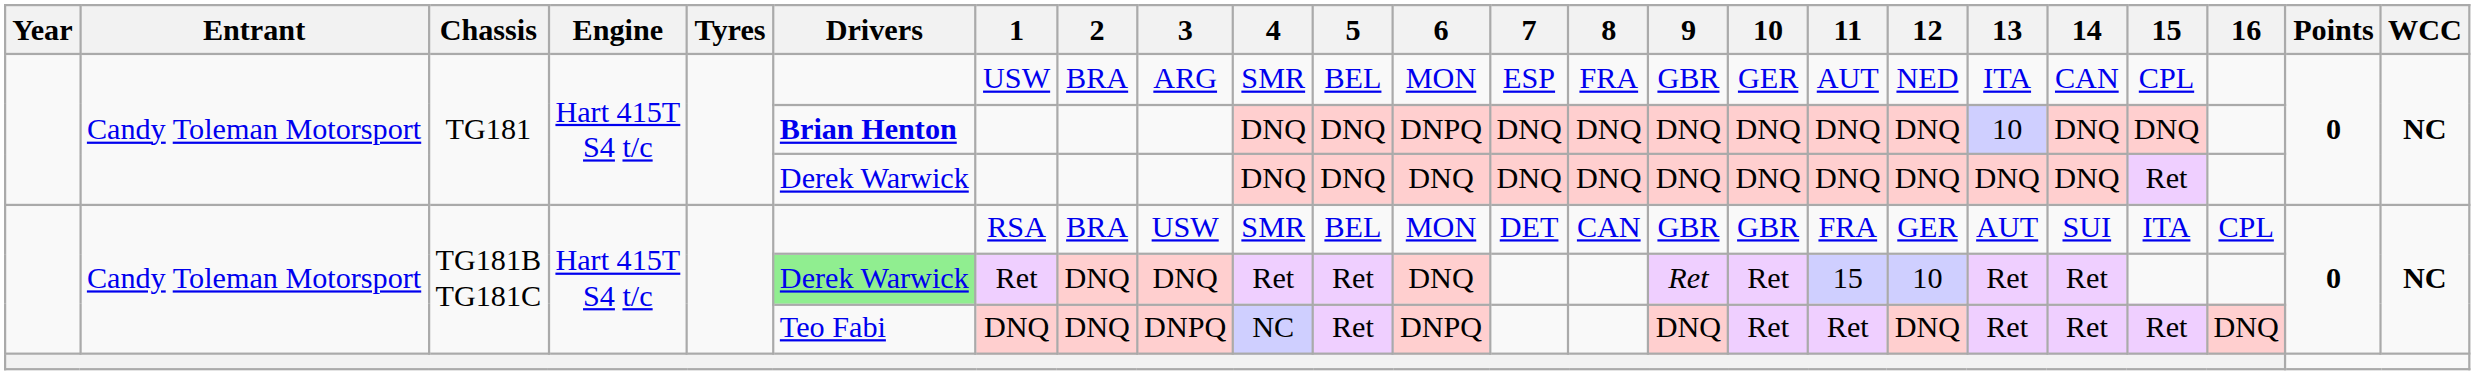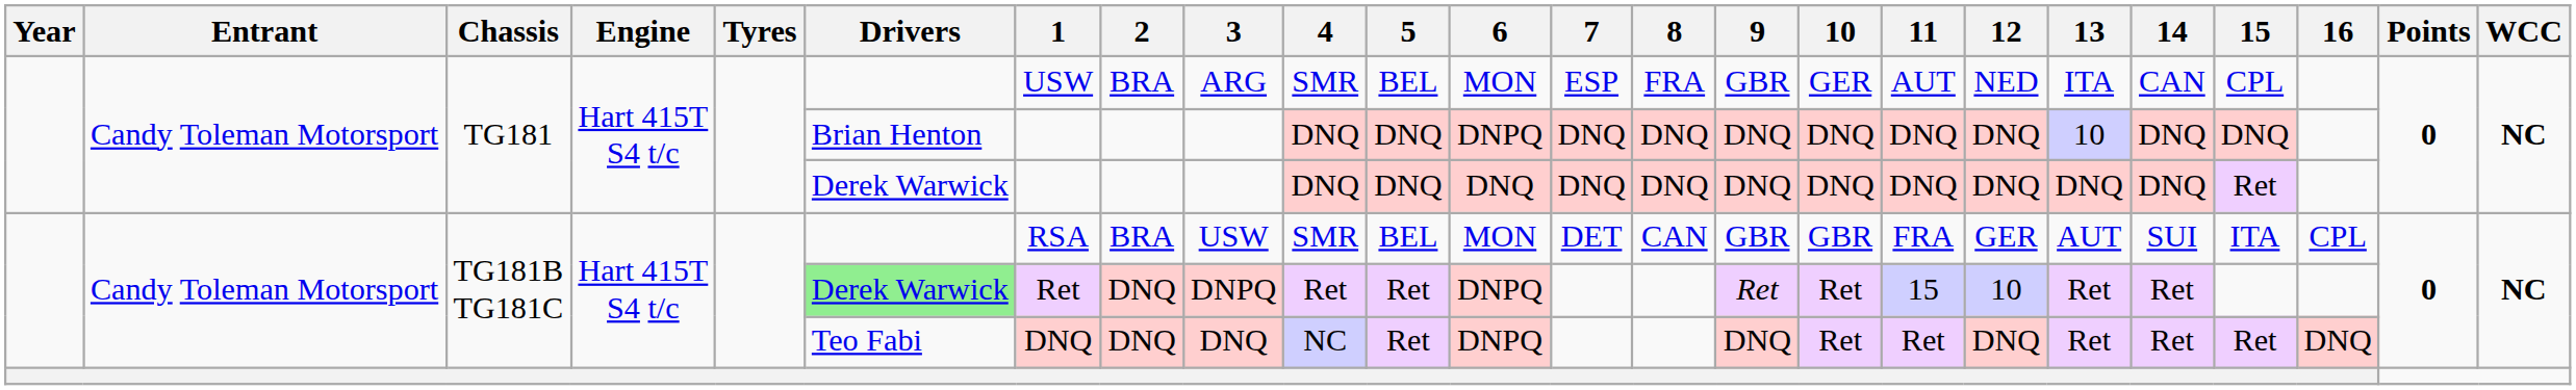 <table class="wikitable" style="text-align:center; font-size:85%">
 <tr>
 <th>Year</th>
 <th>Entrant</th>
 <th>Chassis</th>
 <th>Engine</th>
 <th>Tyres</th>
 <th>Drivers</th>
 <th>1</th>
 <th>2</th>
 <th>3</th>
 <th>4</th>
 <th>5</th>
 <th>6</th>
 <th>7</th>
 <th>8</th>
 <th>9</th>
 <th>10</th>
 <th>11</th>
 <th>12</th>
 <th>13</th>
 <th>14</th>
 <th>15</th>
 <th>16</th>
 <th>Points</th>
 <th>WCC</th>
 </tr>
 <tr>
 <td rowspan="3"></td>
 <td rowspan="3"><a href='#'>Candy</a> <a href='#'>Toleman Motorsport</a></td>
 <td rowspan="3">TG181</td>
 <td rowspan="3"><a href='#'>Hart 415T</a><br><a href='#'>S4</a> <a href='#'>t/c</a></td>
 <td rowspan="3"></td>
 <td></td>
 <td><a href='#'>USW</a></td>
 <td><a href='#'>BRA</a></td>
 <td><a href='#'>ARG</a></td>
 <td><a href='#'>SMR</a></td>
 <td><a href='#'>BEL</a></td>
 <td><a href='#'>MON</a></td>
 <td><a href='#'>ESP</a></td>
 <td><a href='#'>FRA</a></td>
 <td><a href='#'>GBR</a></td>
 <td><a href='#'>GER</a></td>
 <td><a href='#'>AUT</a></td>
 <td><a href='#'>NED</a></td>
 <td><a href='#'>ITA</a></td>
 <td><a href='#'>CAN</a></td>
 <td><a href='#'>CPL</a></td>
 <td></td>
 <td rowspan="3"><strong>0</strong></td>
 <td rowspan="3"><strong>NC</strong></td>
 </tr>
 <tr>
-<td align="left"><strong> <a href='#'>Brian Henton</a></strong></td>
+<td align="left"> <a href='#'>Brian Henton</a></td>
 <td></td>
 <td></td>
 <td></td>
 <td style="background:#ffcfcf;">DNQ</td>
 <td style="background:#ffcfcf;">DNQ</td>
 <td style="background:#ffcfcf;">DNPQ</td>
 <td style="background:#ffcfcf;">DNQ</td>
 <td style="background:#ffcfcf;">DNQ</td>
 <td style="background:#ffcfcf;">DNQ</td>
 <td style="background:#ffcfcf;">DNQ</td>
 <td style="background:#ffcfcf;">DNQ</td>
 <td style="background:#ffcfcf;">DNQ</td>
 <td style="background:#cfcfff;">10</td>
 <td style="background:#ffcfcf;">DNQ</td>
 <td style="background:#ffcfcf;">DNQ</td>
 <td></td>
 </tr>
 <tr>
 <td align="left"> <a href='#'>Derek Warwick</a></td>
 <td></td>
 <td></td>
 <td></td>
 <td style="background:#ffcfcf;">DNQ</td>
 <td style="background:#ffcfcf;">DNQ</td>
 <td style="background:#ffcfcf;">DNQ</td>
 <td style="background:#ffcfcf;">DNQ</td>
 <td style="background:#ffcfcf;">DNQ</td>
 <td style="background:#ffcfcf;">DNQ</td>
 <td style="background:#ffcfcf;">DNQ</td>
 <td style="background:#ffcfcf;">DNQ</td>
 <td style="background:#ffcfcf;">DNQ</td>
 <td style="background:#ffcfcf;">DNQ</td>
 <td style="background:#ffcfcf;">DNQ</td>
 <td style="background:#efcfff;">Ret</td>
 <td></td>
 </tr>
 <tr>
 <td rowspan="3"></td>
 <td rowspan="3"><a href='#'>Candy</a> <a href='#'>Toleman Motorsport</a></td>
 <td rowspan="3">TG181B<br>TG181C</td>
 <td rowspan="3"><a href='#'>Hart 415T</a><br><a href='#'>S4</a> <a href='#'>t/c</a></td>
 <td rowspan="3"></td>
 <td></td>
 <td><a href='#'>RSA</a></td>
 <td><a href='#'>BRA</a></td>
 <td><a href='#'>USW</a></td>
 <td><a href='#'>SMR</a></td>
 <td><a href='#'>BEL</a></td>
 <td><a href='#'>MON</a></td>
 <td><a href='#'>DET</a></td>
 <td><a href='#'>CAN</a></td>
 <td><a href='#'>GBR</a></td>
 <td><a href='#'>GBR</a></td>
 <td><a href='#'>FRA</a></td>
 <td><a href='#'>GER</a></td>
 <td><a href='#'>AUT</a></td>
 <td><a href='#'>SUI</a></td>
 <td><a href='#'>ITA</a></td>
 <td><a href='#'>CPL</a></td>
 <td rowspan="3"><strong>0</strong></td>
 <td rowspan="3"><strong>NC</strong></td>
 </tr>
 <tr>
 <td align="left" style="background: lightgreen;"> <a href='#'>Derek Warwick</a></td>
 <td style="background:#efcfff;">Ret</td>
 <td style="background:#ffcfcf;">DNQ</td>
-<td style="background:#ffcfcf;">DNQ</td>
+<td style="background:#ffcfcf;">DNPQ</td>
 <td style="background:#efcfff;">Ret</td>
 <td style="background:#efcfff;">Ret</td>
-<td style="background:#ffcfcf;">DNQ</td>
+<td style="background:#ffcfcf;">DNPQ</td>
 <td></td>
 <td></td>
 <td style="background:#efcfff;"><em>Ret</em></td>
 <td style="background:#efcfff;">Ret</td>
 <td style="background:#cfcfff;">15</td>
 <td style="background:#cfcfff;">10</td>
 <td style="background:#efcfff;">Ret</td>
 <td style="background:#efcfff;">Ret</td>
 <td></td>
 <td></td>
 </tr>
 <tr>
 <td align="left"> <a href='#'>Teo Fabi</a></td>
 <td style="background:#ffcfcf;">DNQ</td>
 <td style="background:#ffcfcf;">DNQ</td>
-<td style="background:#ffcfcf;">DNPQ</td>
+<td style="background:#ffcfcf;">DNQ</td>
 <td style="background:#cfcfff;">NC</td>
 <td style="background:#efcfff;">Ret</td>
 <td style="background:#ffcfcf;">DNPQ</td>
 <td></td>
 <td></td>
 <td style="background:#ffcfcf;">DNQ</td>
 <td style="background:#efcfff;">Ret</td>
 <td style="background:#efcfff;">Ret</td>
 <td style="background:#ffcfcf;">DNQ</td>
 <td style="background:#efcfff;">Ret</td>
 <td style="background:#efcfff;">Ret</td>
 <td style="background:#efcfff;">Ret</td>
 <td style="background:#ffcfcf;">DNQ</td>
 </tr>
 <tr>
 <th colspan="22"></th>
 </tr>
 </table>
